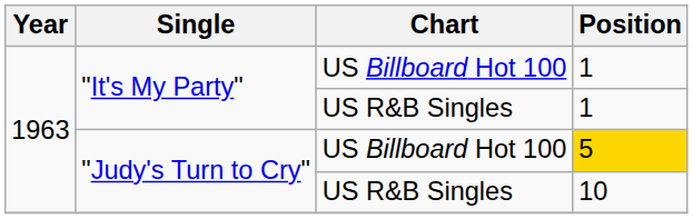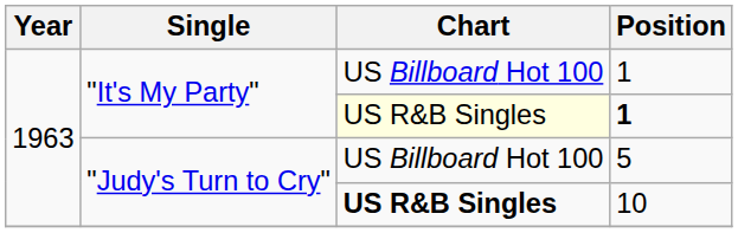 <table class="wikitable">
 <tr>
 <th align="left">Year</th>
 <th align="left">Single</th>
 <th align="left">Chart</th>
 <th align="left">Position</th>
 </tr>
 <tr>
 <td align="left" rowspan="4">1963</td>
 <td align="left" rowspan="2">"<a href='#'>It's My Party</a>"</td>
 <td align="left">US <a href='#'><em>Billboard</em> Hot 100</a></td>
 <td align="left">1</td>
 </tr>
 <tr>
-<td align="left">US R&B Singles</td>
-<td align="left">1</td>
+<td align="left" style="background: lightyellow;">US R&B Singles</td>
+<td align="left"><strong>1</strong></td>
 </tr>
 <tr>
 <td align="left" rowspan="2">"<a href='#'>Judy's Turn to Cry</a>"</td>
 <td align="left">US <em>Billboard</em> Hot 100</td>
-<td align="left" style="background: gold;">5</td>
+<td align="left">5</td>
 </tr>
 <tr>
-<td align="left">US R&B Singles</td>
+<td align="left"><strong>US R&B Singles</strong></td>
 <td align="left">10</td>
 </tr>
 <tr>
 </tr>
 </table>
